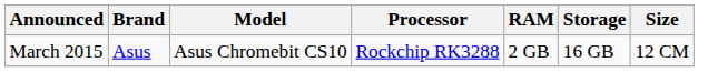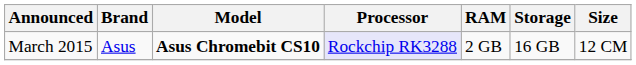 <table class="wikitable sortable">
 <tr>
 <th>Announced</th>
 <th>Brand</th>
 <th>Model</th>
 <th>Processor</th>
 <th>RAM</th>
 <th>Storage</th>
 <th>Size</th>
 </tr>
 <tr>
 <td>March 2015</td>
 <td><a href='#'>Asus</a></td>
-<td>Asus Chromebit CS10</td>
-<td><a href='#'>Rockchip RK3288</a></td>
+<td><strong>Asus Chromebit CS10</strong></td>
+<td style="background: lavender;"><a href='#'>Rockchip RK3288</a></td>
 <td>2 GB</td>
 <td>16 GB</td>
 <td>12 CM</td>
 </tr>
 <tr>
 </tr>
 </table>
